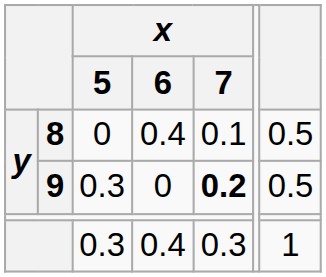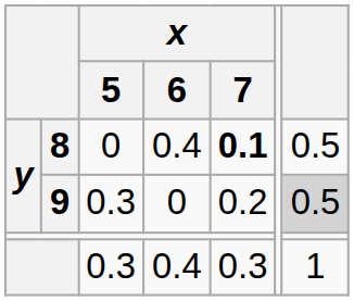 <table class="wikitable" style="text-align:center;">
 <tr>
 <th rowspan="2" colspan="2"></th>
 <th colspan="3"><em>x</em></th>
 <td rowspan="6" style="padding:1px;"></td>
 <th rowspan="2"></th>
 </tr>
 <tr>
 <th>5</th>
 <th>6</th>
 <th>7</th>
 </tr>
 <tr>
 <th rowspan="2"><em>y</em></th>
 <th>8</th>
 <td>0</td>
 <td>0.4</td>
-<td>0.1</td>
+<td><strong>0.1</strong></td>
 <td>0.5</td>
 </tr>
 <tr>
 <th>9</th>
 <td>0.3</td>
 <td>0</td>
-<td><strong>0.2</strong></td>
-<td>0.5</td>
+<td>0.2</td>
+<td style="background: lightgrey;">0.5</td>
 </tr>
 <tr>
 <td colspan="7" style="padding:1px;"></td>
 </tr>
 <tr>
 <th colspan="2"></th>
 <td>0.3</td>
 <td>0.4</td>
 <td>0.3</td>
 <td>1</td>
 </tr>
 </table>
